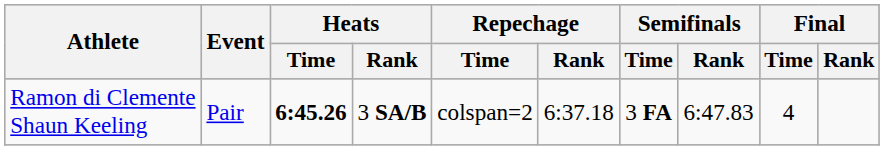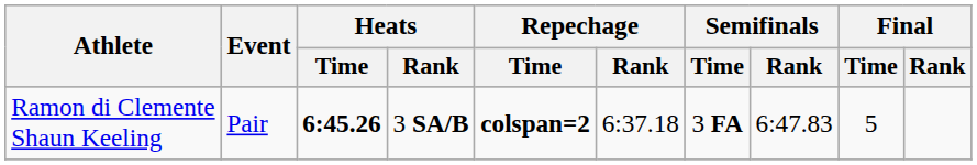 <table class="wikitable" style="font-size:90%">
 <tr>
 <th rowspan="2">Athlete</th>
 <th rowspan="2">Event</th>
 <th colspan="2">Heats</th>
 <th colspan="2">Repechage</th>
 <th colspan="2">Semifinals</th>
 <th colspan="2">Final</th>
 </tr>
 <tr style="font-size:95%">
 <th>Time</th>
 <th>Rank</th>
 <th>Time</th>
 <th>Rank</th>
 <th>Time</th>
 <th>Rank</th>
 <th>Time</th>
 <th>Rank</th>
 </tr>
 <tr align=center>
 <td align=left><a href='#'>Ramon di Clemente</a><br><a href='#'>Shaun Keeling</a></td>
 <td align=left><a href='#'>Pair</a></td>
 <td><strong>6:45.26</strong></td>
 <td>3 <strong>SA/B</strong></td>
-<td>colspan=2 </td>
+<td><strong>colspan=2 </strong></td>
 <td>6:37.18</td>
 <td>3 <strong>FA</strong></td>
 <td>6:47.83</td>
-<td>4</td>
+<td>5</td>
 </tr>
 </table>
